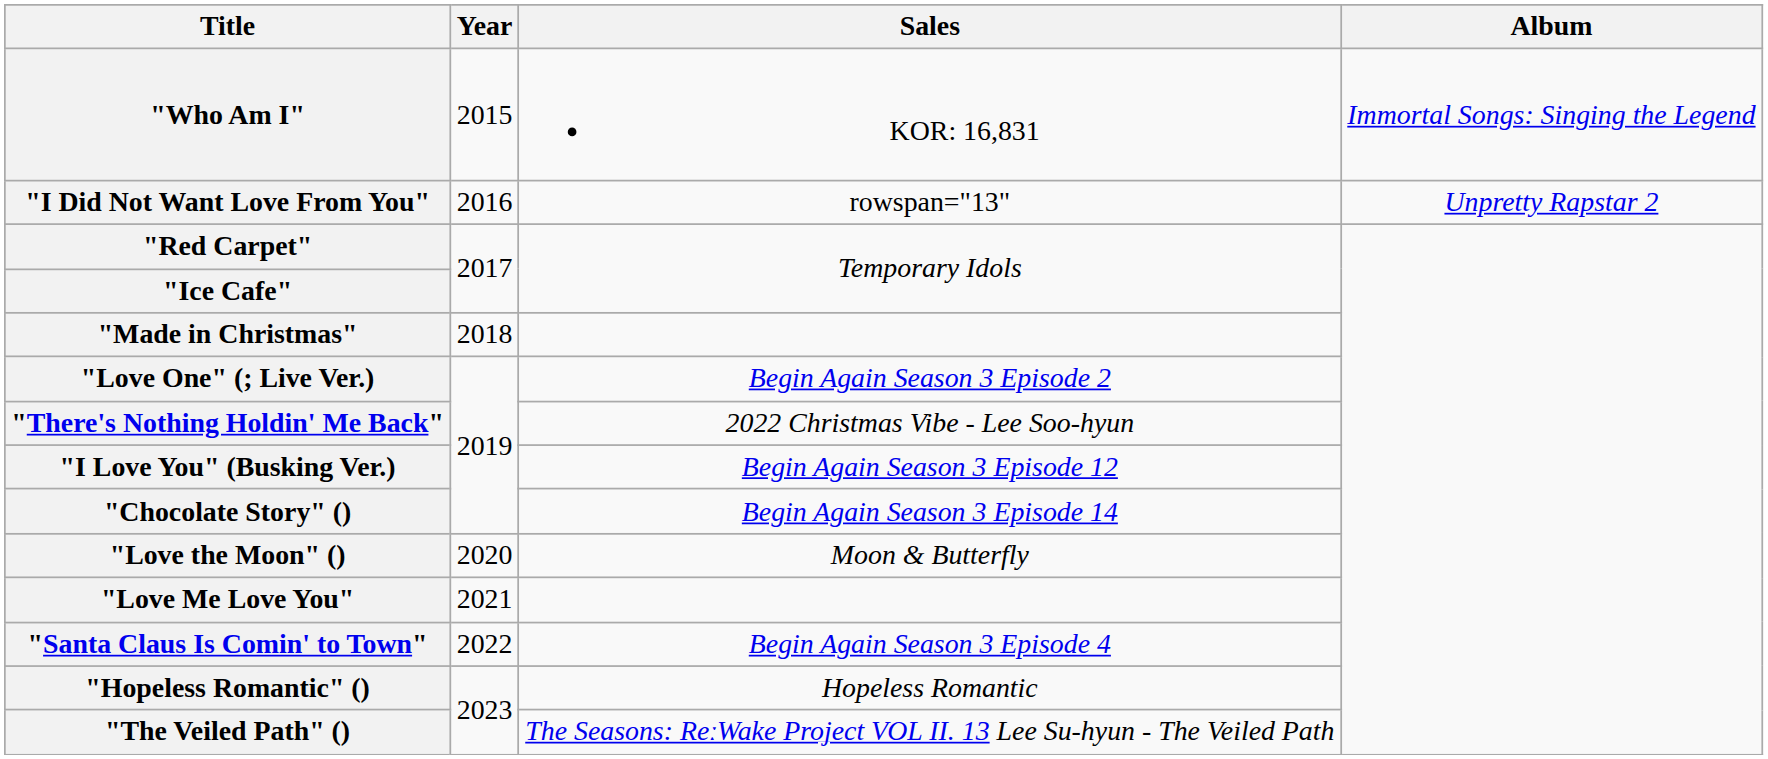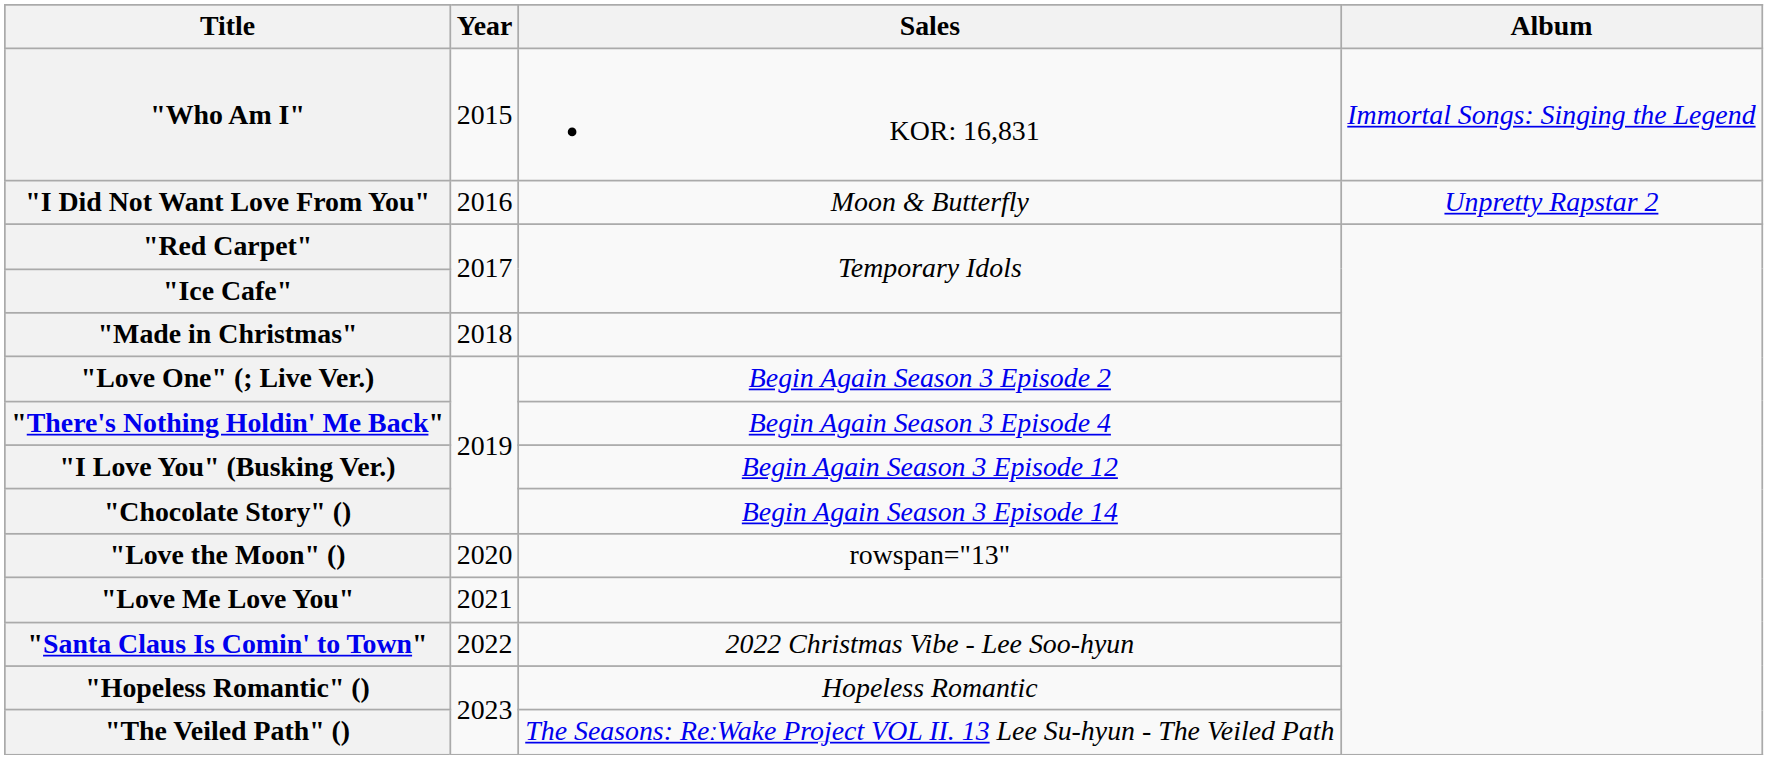 <table class="wikitable plainrowheaders" style="text-align:center">
 <tr>
 <th scope="col">Title</th>
 <th scope="col">Year</th>
 <th scope="col">Sales</th>
 <th scope="col">Album</th>
 </tr>
 <tr>
 <th scope="row">"Who Am I"<br></th>
 <td>2015</td>
 <td><br><ul><li>KOR: 16,831</li></ul></td>
 <td><em><a href='#'>Immortal Songs: Singing the Legend</a></em></td>
 </tr>
 <tr>
 <th scope="row">"I Did Not Want Love From You"</th>
 <td>2016</td>
-<td>rowspan="13" </td>
+<td><em>Moon & Butterfly</em></td>
 <td><em><a href='#'>Unpretty Rapstar 2</a></em></td>
 </tr>
 <tr>
 <th scope="row">"Red Carpet"<br></th>
 <td rowspan="2">2017</td>
 <td rowspan="2"><em>Temporary Idols</em></td>
 </tr>
 <tr>
 <th scope="row">"Ice Cafe"<br></th>
 </tr>
 <tr>
 <th scope="row">"Made in Christmas"<br></th>
 <td>2018</td>
 <td></td>
 </tr>
 <tr>
 <th scope="row">"Love One" (; Live Ver.) </th>
 <td rowspan="4">2019</td>
 <td><em><a href='#'>Begin Again Season 3 Episode 2</a></em></td>
 </tr>
 <tr>
 <th scope="row">"<a href='#'>There's Nothing Holdin' Me Back</a>"<br></th>
-<td><em>2022 Christmas Vibe - Lee Soo-hyun</em></td>
+<td><em><a href='#'>Begin Again Season 3 Episode 4</a></em></td>
 </tr>
 <tr>
 <th scope="row">"I Love You" (Busking Ver.)<br></th>
 <td><em><a href='#'>Begin Again Season 3 Episode 12</a></em></td>
 </tr>
 <tr>
 <th scope="row">"Chocolate Story" ()<br></th>
 <td><em><a href='#'>Begin Again Season 3 Episode 14</a></em></td>
 </tr>
 <tr>
 <th scope="row">"Love the Moon" ()<br></th>
 <td>2020</td>
-<td><em>Moon & Butterfly</em></td>
+<td>rowspan="13" </td>
 </tr>
 <tr>
 <th scope="row">"Love Me Love You"<br></th>
 <td>2021</td>
 <td></td>
 </tr>
 <tr>
 <th scope="row">"<a href='#'>Santa Claus Is Comin' to Town</a>"</th>
 <td>2022</td>
-<td><em><a href='#'>Begin Again Season 3 Episode 4</a></em></td>
+<td><em>2022 Christmas Vibe - Lee Soo-hyun</em></td>
 </tr>
 <tr>
 <th scope="row">"Hopeless Romantic" ()<br></th>
 <td rowspan="3">2023</td>
 <td><em>Hopeless Romantic</em></td>
 </tr>
 <tr>
 <th scope="row">"The Veiled Path" ()</th>
 <td><em><a href='#'>The Seasons: ReːWake Project VOL II. 13</a> Lee Su-hyun - The Veiled Path</em></td>
 </tr>
 </table>
